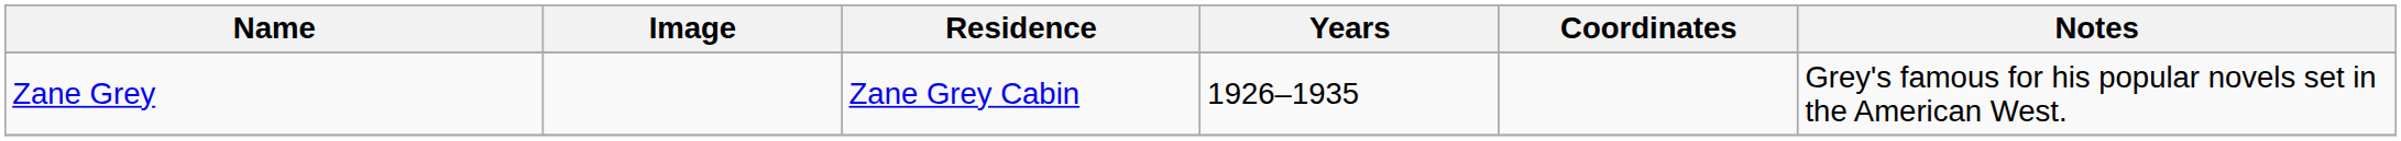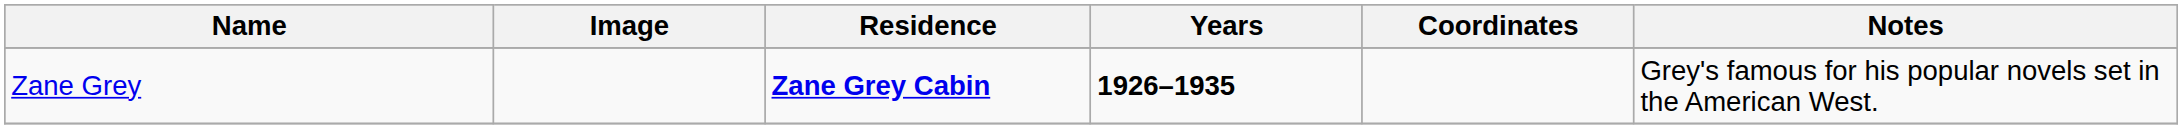 <table class="wikitable sortable" style="width: 100%">
 <tr>
 <th width="18%">Name</th>
 <th width="10%">Image</th>
 <th width="12%">Residence</th>
 <th width="10%">Years</th>
 <th width="10%">Coordinates</th>
 <th width="20%">Notes</th>
 </tr>
 <tr>
 </tr>
 <tr>
 <td><a href='#'>Zane Grey</a></td>
 <td></td>
-<td><a href='#'>Zane Grey Cabin</a></td>
-<td>1926–1935</td>
+<td><strong><a href='#'>Zane Grey Cabin</a></strong></td>
+<td><strong>1926–1935</strong></td>
 <td></td>
 <td>Grey's famous for his popular novels set in the American West.</td>
 </tr>
 <tr>
 </tr>
 </table>
